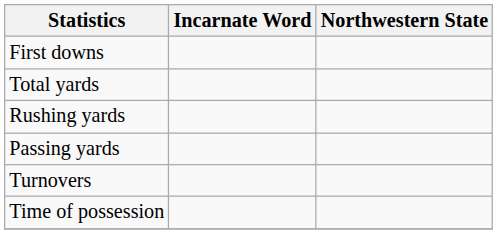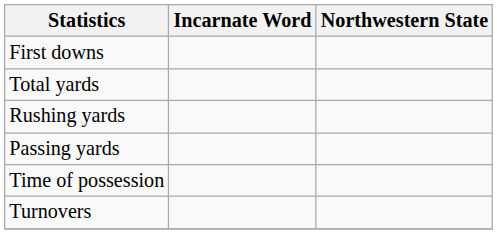 <table class="wikitable">
 <tr>
 <th>Statistics</th>
 <th>Incarnate Word</th>
 <th>Northwestern State</th>
 </tr>
 <tr>
 <td>First downs</td>
 <td> </td>
 <td> </td>
 </tr>
 <tr>
 <td>Total yards</td>
 <td> </td>
 <td> </td>
 </tr>
 <tr>
 <td>Rushing yards</td>
 <td> </td>
 <td> </td>
 </tr>
 <tr>
 <td>Passing yards</td>
 <td> </td>
 <td> </td>
 </tr>
 <tr>
-<td>Turnovers</td>
+<td>Time of possession</td>
 <td> </td>
 <td> </td>
 </tr>
 <tr>
-<td>Time of possession</td>
+<td>Turnovers</td>
 <td> </td>
 <td> </td>
 </tr>
 <tr>
 </tr>
 </table>
